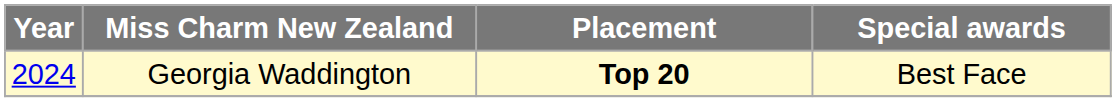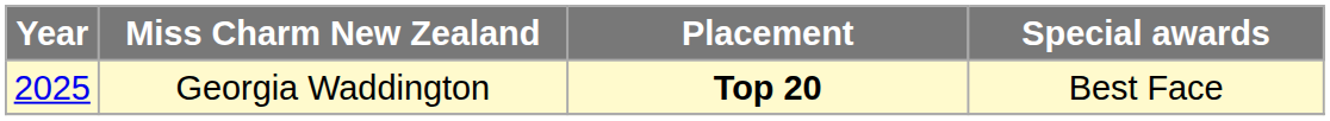 <table class="wikitable sortable" style="font-size: 95%; text-align:center">
 <tr>
 <th width="30" style="background-color:#787878;color:#FFFFFF;">Year</th>
 <th width="200" style="background-color:#787878;color:#FFFFFF;">Miss Charm New Zealand</th>
 <th width="170" style="background-color:#787878;color:#FFFFFF;">Placement</th>
 <th width="150" style="background-color:#787878;color:#FFFFFF;">Special awards</th>
 </tr>
 <tr style="background-color:#FFFACD;">
-<td><a href='#'>2024</a></td>
+<td><a href='#'>2025</a></td>
 <td>Georgia Waddington</td>
 <td><strong>Top 20</strong></td>
 <td>Best Face</td>
 </tr>
 <tr>
 </tr>
 </table>
